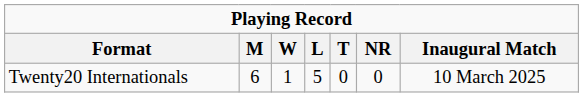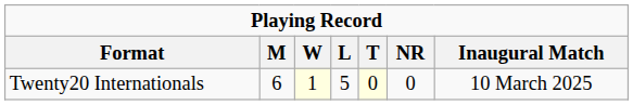 <table class="wikitable" style="text-align: center; width: 500px;">
 <tr>
 <td colspan=7 align="center"><strong>Playing Record</strong></td>
 </tr>
 <tr>
 <th>Format</th>
 <th>M</th>
 <th>W</th>
 <th>L</th>
 <th>T</th>
 <th>NR</th>
 <th>Inaugural Match</th>
 </tr>
 <tr>
 <td align="left">Twenty20 Internationals</td>
 <td>6</td>
-<td>1</td>
+<td style="background: lightyellow;">1</td>
 <td>5</td>
-<td>0</td>
+<td style="background: lightyellow;">0</td>
 <td>0</td>
 <td>10 March 2025</td>
 </tr>
 </table>
